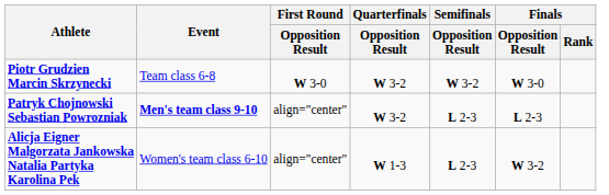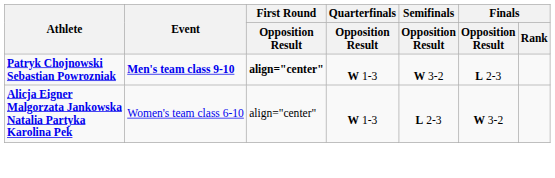 <table class=wikitable>
 <tr>
 <th rowspan="2">Athlete</th>
 <th rowspan="2">Event</th>
 <th>First Round</th>
 <th>Quarterfinals</th>
 <th>Semifinals</th>
 <th colspan="2">Finals</th>
 </tr>
 <tr>
 <th>Opposition<br>Result</th>
 <th>Opposition<br>Result</th>
 <th>Opposition<br>Result</th>
 <th>Opposition<br>Result</th>
 <th>Rank</th>
 </tr>
 <tr>
-<td><strong><a href='#'>Piotr Grudzien</a></strong><br> <strong><a href='#'>Marcin Skrzynecki</a></strong></td>
-<td><a href='#'>Team class 6-8</a></td>
-<td align="center"><br><strong>W</strong> 3-0</td>
-<td align="center"><br><strong>W</strong> 3-2</td>
-<td align="center"><br><strong>W</strong> 3-2</td>
-<td align="center"><br><strong>W</strong> 3-0</td>
-<td align="center"></td>
-</tr>
-<tr>
 <td><strong><a href='#'>Patryk Chojnowski</a></strong><br> <strong><a href='#'>Sebastian Powrozniak</a></strong></td>
 <td><strong><a href='#'>Men's team class 9-10</a></strong></td>
-<td>align="center" </td>
+<td><strong>align="center" </strong></td>
+<td align="center"><br><strong>W</strong> 1-3</td>
 <td align="center"><br><strong>W</strong> 3-2</td>
-<td align="center"><br><strong>L</strong> 2-3</td>
 <td align="center"><br><strong>L</strong> 2-3</td>
 <td align="center"></td>
 </tr>
 <tr>
 <td><strong><a href='#'>Alicja Eigner</a></strong><br> <strong><a href='#'>Malgorzata Jankowska</a></strong><br> <strong><a href='#'>Natalia Partyka</a></strong><br> <strong><a href='#'>Karolina Pek</a></strong></td>
 <td><a href='#'>Women's team class 6-10</a></td>
 <td>align="center" </td>
 <td align="center"><br><strong>W</strong> 1-3</td>
 <td align="center"><br><strong>L</strong> 2-3</td>
 <td align="center"><br><strong>W</strong> 3-2</td>
 <td align="center"></td>
 </tr>
 </table>
